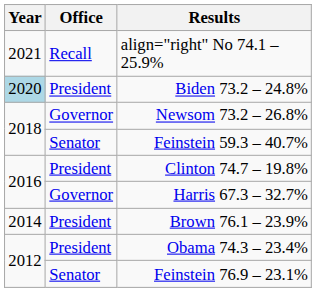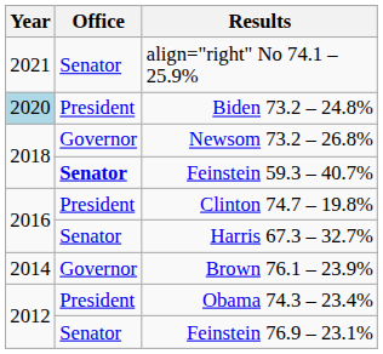 <table class=wikitable>
 <tr>
 <th width="30">Year</th>
 <th width="60">Office</th>
 <th width="180">Results</th>
 </tr>
 <tr>
 <td>2021</td>
-<td><a href='#'>Recall</a></td>
+<td><a href='#'>Senator</a></td>
 <td>align="right"  No 74.1 – 25.9%</td>
 </tr>
 <tr>
 <td rowspan="1" style="background: lightblue;">2020</td>
 <td><a href='#'>President</a></td>
 <td align="right" ><a href='#'>Biden</a> 73.2 – 24.8%</td>
 </tr>
 <tr>
 <td rowspan="2">2018</td>
 <td><a href='#'>Governor</a></td>
 <td align="right" ><a href='#'>Newsom</a> 73.2 – 26.8%</td>
 </tr>
 <tr>
-<td><a href='#'>Senator</a></td>
+<td><strong><a href='#'>Senator</a></strong></td>
 <td align="right" ><a href='#'>Feinstein</a> 59.3 – 40.7%</td>
 </tr>
 <tr>
 <td rowspan="2">2016</td>
 <td><a href='#'>President</a></td>
 <td align="right" ><a href='#'>Clinton</a> 74.7 – 19.8%</td>
 </tr>
 <tr>
-<td><a href='#'>Governor</a></td>
+<td><a href='#'>Senator</a></td>
 <td align="right" ><a href='#'>Harris</a> 67.3 – 32.7%</td>
 </tr>
 <tr>
 <td>2014</td>
-<td><a href='#'>President</a></td>
+<td><a href='#'>Governor</a></td>
 <td align="right" ><a href='#'>Brown</a> 76.1 – 23.9%</td>
 </tr>
 <tr>
 <td rowspan="2">2012</td>
 <td><a href='#'>President</a></td>
 <td align="right" ><a href='#'>Obama</a> 74.3 – 23.4%</td>
 </tr>
 <tr>
 <td><a href='#'>Senator</a></td>
 <td align="right" ><a href='#'>Feinstein</a> 76.9 – 23.1%</td>
 </tr>
 </table>
